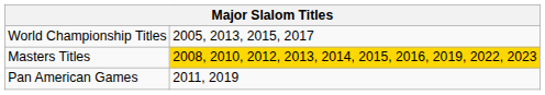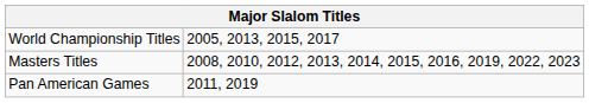 <table class="wikitable">
 <tr>
 <th colspan="2">Major Slalom Titles</th>
 </tr>
 <tr>
 <td>World Championship Titles</td>
 <td>2005, 2013, 2015, 2017</td>
 </tr>
 <tr>
 <td>Masters Titles</td>
-<td style="background: gold;">2008, 2010, 2012, 2013, 2014, 2015, 2016, 2019, 2022, 2023</td>
+<td>2008, 2010, 2012, 2013, 2014, 2015, 2016, 2019, 2022, 2023</td>
 </tr>
 <tr>
 <td>Pan American Games</td>
 <td>2011, 2019</td>
 </tr>
 </table>
